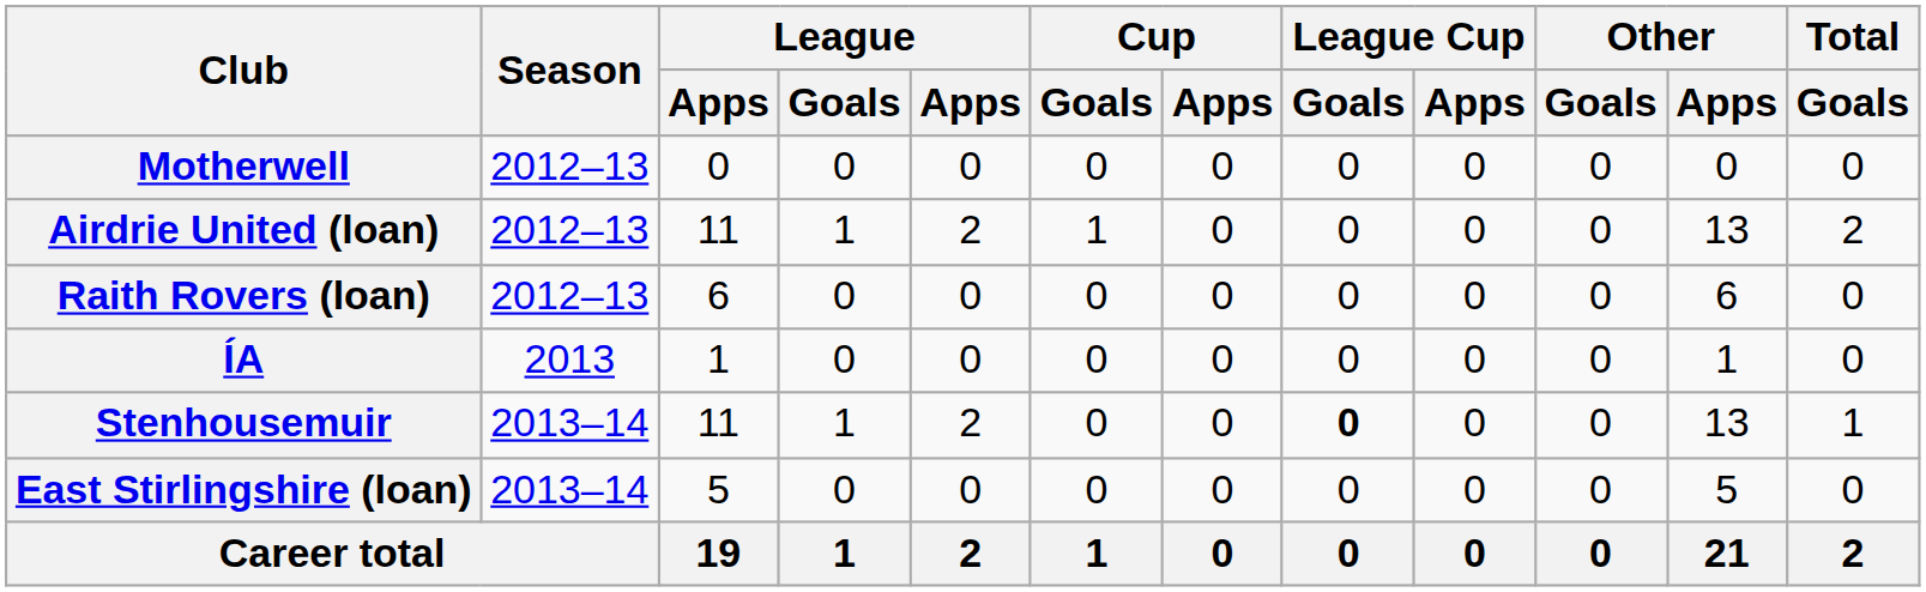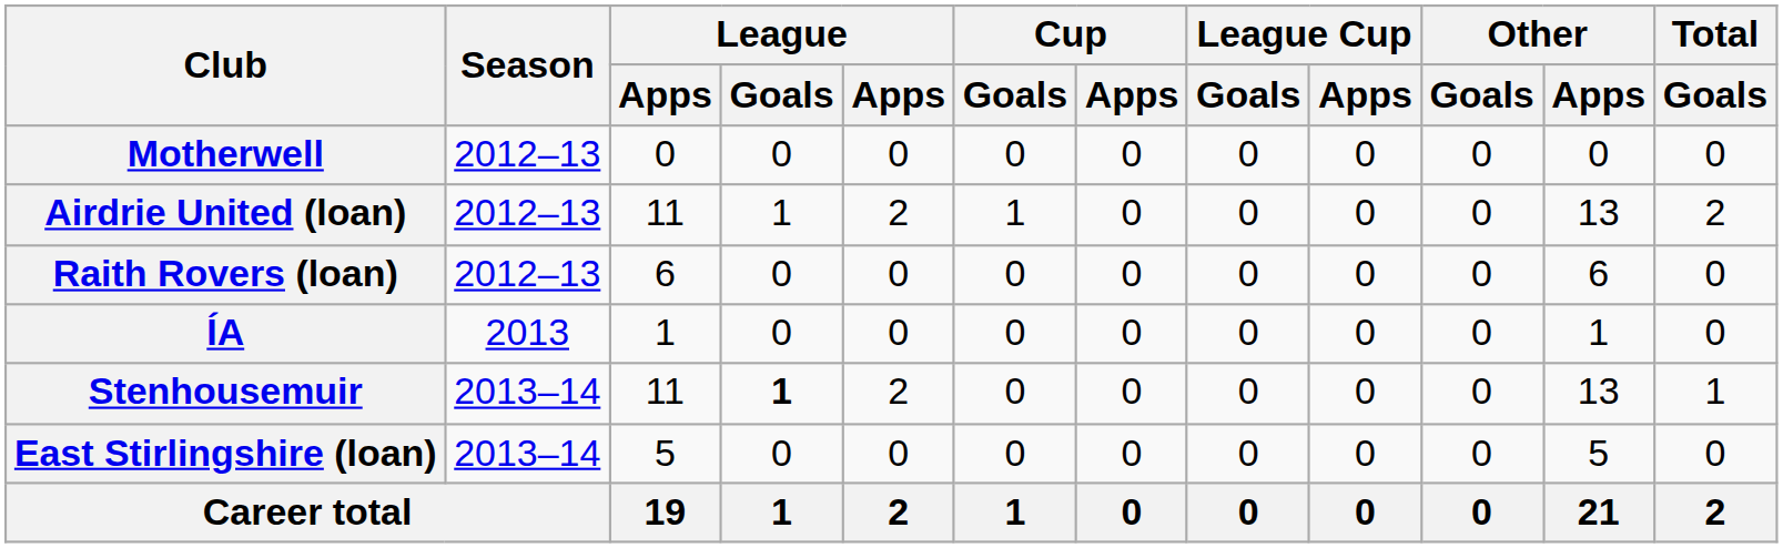 <table class="wikitable" style="text-align: center">
 <tr>
 <th rowspan="2">Club</th>
 <th rowspan="2">Season</th>
 <th colspan="3">League</th>
 <th colspan="2">Cup</th>
 <th colspan="2">League Cup</th>
 <th colspan="2">Other</th>
 <th colspan="2">Total</th>
 </tr>
 <tr>
 <th>Apps</th>
 <th>Goals</th>
 <th>Apps</th>
 <th>Goals</th>
 <th>Apps</th>
 <th>Goals</th>
 <th>Apps</th>
 <th>Goals</th>
 <th>Apps</th>
 <th>Goals</th>
 </tr>
 <tr align=center>
 <th rowspan=1><a href='#'>Motherwell</a></th>
 <td><a href='#'>2012–13</a></td>
 <td>0</td>
 <td>0</td>
 <td>0</td>
 <td>0</td>
 <td>0</td>
 <td>0</td>
 <td>0</td>
 <td>0</td>
 <td>0</td>
 <td>0</td>
 </tr>
 <tr align=center>
 <th rowspan=1><a href='#'>Airdrie United</a> (loan)</th>
 <td><a href='#'>2012–13</a></td>
 <td>11</td>
 <td>1</td>
 <td>2</td>
 <td>1</td>
 <td>0</td>
 <td>0</td>
 <td>0</td>
 <td>0</td>
 <td>13</td>
 <td>2</td>
 </tr>
 <tr align=center>
 <th rowspan=1><a href='#'>Raith Rovers</a> (loan)</th>
 <td><a href='#'>2012–13</a></td>
 <td>6</td>
 <td>0</td>
 <td>0</td>
 <td>0</td>
 <td>0</td>
 <td>0</td>
 <td>0</td>
 <td>0</td>
 <td>6</td>
 <td>0</td>
 </tr>
 <tr align=center>
 <th rowspan=1><a href='#'>ÍA</a></th>
 <td><a href='#'>2013</a></td>
 <td>1</td>
 <td>0</td>
 <td>0</td>
 <td>0</td>
 <td>0</td>
 <td>0</td>
 <td>0</td>
 <td>0</td>
 <td>1</td>
 <td>0</td>
 </tr>
 <tr align=center>
 <th rowspan=1><a href='#'>Stenhousemuir</a></th>
 <td><a href='#'>2013–14</a></td>
 <td>11</td>
-<td>1</td>
+<td><strong>1</strong></td>
 <td>2</td>
 <td>0</td>
 <td>0</td>
-<td><strong>0</strong></td>
+<td>0</td>
 <td>0</td>
 <td>0</td>
 <td>13</td>
 <td>1</td>
 </tr>
 <tr align=center>
 <th rowspan=1><a href='#'>East Stirlingshire</a> (loan)</th>
 <td><a href='#'>2013–14</a></td>
 <td>5</td>
 <td>0</td>
 <td>0</td>
 <td>0</td>
 <td>0</td>
 <td>0</td>
 <td>0</td>
 <td>0</td>
 <td>5</td>
 <td>0</td>
 </tr>
 <tr align=center>
 <th colspan="2">Career total</th>
 <th>19</th>
 <th>1</th>
 <th>2</th>
 <th>1</th>
 <th>0</th>
 <th>0</th>
 <th>0</th>
 <th>0</th>
 <th>21</th>
 <th>2</th>
 </tr>
 </table>
